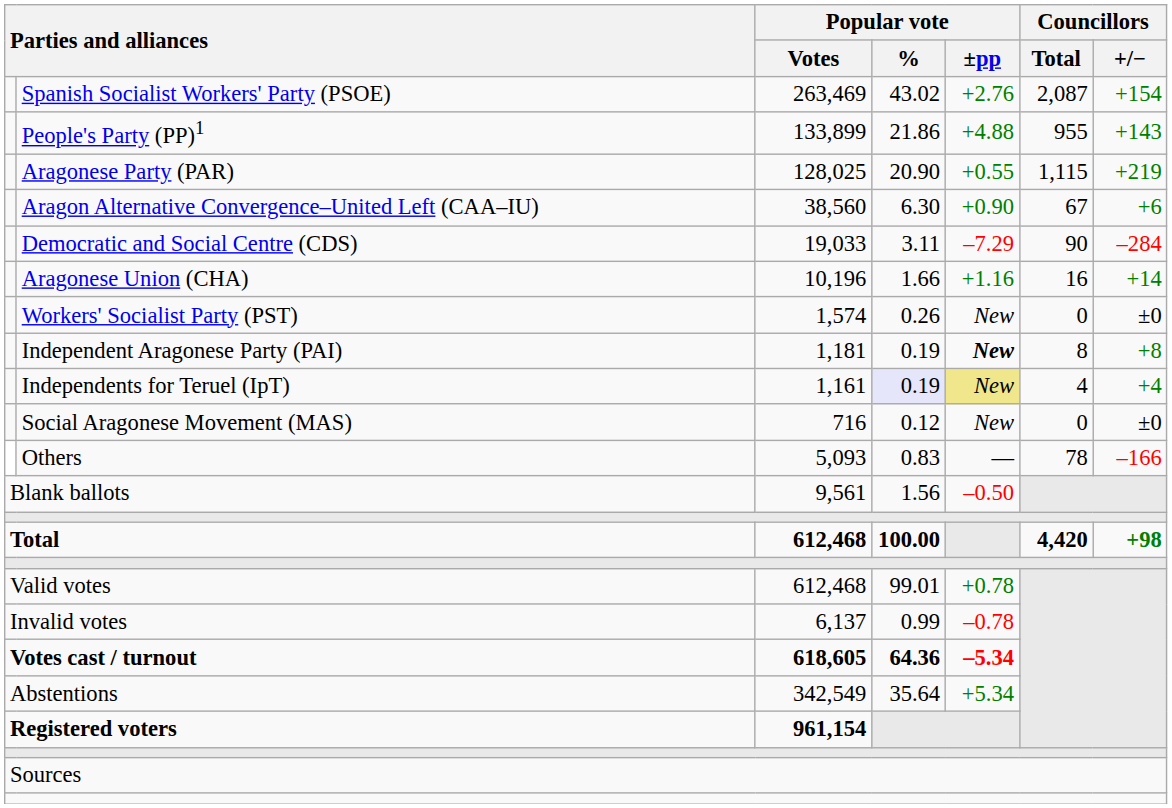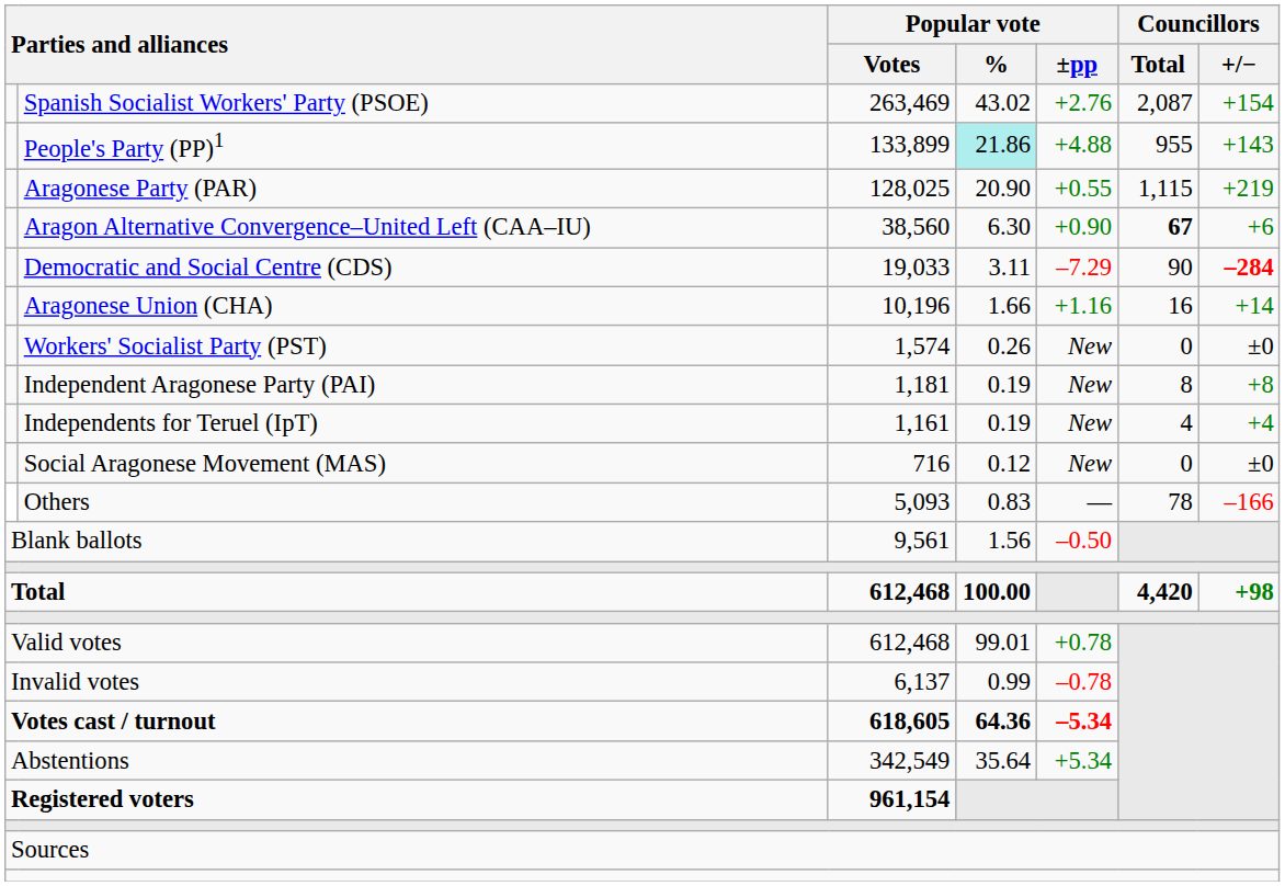 <table class="wikitable" style="text-align:right;">
 <tr>
 <th style="text-align:left;" rowspan="2" colspan="2" width="525">Parties and alliances</th>
 <th colspan="3">Popular vote</th>
 <th colspan="2">Councillors</th>
 </tr>
 <tr>
 <th width="75">Votes</th>
 <th width="45">%</th>
 <th width="45">±<a href='#'>pp</a></th>
 <th width="45">Total</th>
 <th width="45">+/−</th>
 </tr>
 <tr>
 <td width="1" style="color:inherit;background:"></td>
 <td align="left"><a href='#'>Spanish Socialist Workers' Party</a> (PSOE)</td>
 <td>263,469</td>
 <td>43.02</td>
 <td style="color:green;">+2.76</td>
 <td>2,087</td>
 <td style="color:green;">+154</td>
 </tr>
 <tr>
 <td style="color:inherit;background:"></td>
 <td align="left"><a href='#'>People's Party</a> (PP)<sup>1</sup></td>
 <td>133,899</td>
-<td>21.86</td>
+<td style="background: paleturquoise;">21.86</td>
 <td style="color:green;">+4.88</td>
 <td>955</td>
 <td style="color:green;">+143</td>
 </tr>
 <tr>
 <td style="color:inherit;background:"></td>
 <td align="left"><a href='#'>Aragonese Party</a> (PAR)</td>
 <td>128,025</td>
 <td>20.90</td>
 <td style="color:green;">+0.55</td>
 <td>1,115</td>
 <td style="color:green;">+219</td>
 </tr>
 <tr>
 <td style="color:inherit;background:"></td>
 <td align="left"><a href='#'>Aragon Alternative Convergence–United Left</a> (CAA–IU)</td>
 <td>38,560</td>
 <td>6.30</td>
 <td style="color:green;">+0.90</td>
-<td>67</td>
+<td><strong>67</strong></td>
 <td style="color:green;">+6</td>
 </tr>
 <tr>
 <td style="color:inherit;background:"></td>
 <td align="left"><a href='#'>Democratic and Social Centre</a> (CDS)</td>
 <td>19,033</td>
 <td>3.11</td>
 <td style="color:red;">–7.29</td>
 <td>90</td>
-<td style="color:red;">–284</td>
+<td style="color:red;"><strong>–284</strong></td>
 </tr>
 <tr>
 <td style="color:inherit;background:"></td>
 <td align="left"><a href='#'>Aragonese Union</a> (CHA)</td>
 <td>10,196</td>
 <td>1.66</td>
 <td style="color:green;">+1.16</td>
 <td>16</td>
 <td style="color:green;">+14</td>
 </tr>
 <tr>
 <td style="color:inherit;background:"></td>
 <td align="left"><a href='#'>Workers' Socialist Party</a> (PST)</td>
 <td>1,574</td>
 <td>0.26</td>
 <td><em>New</em></td>
 <td>0</td>
 <td>±0</td>
 </tr>
 <tr>
 <td style="color:inherit;background:"></td>
 <td align="left">Independent Aragonese Party (PAI)</td>
 <td>1,181</td>
 <td>0.19</td>
-<td><strong><em>New</em></strong></td>
+<td><em>New</em></td>
 <td>8</td>
 <td style="color:green;">+8</td>
 </tr>
 <tr>
 <td style="color:inherit;background:"></td>
 <td align="left">Independents for Teruel (IpT)</td>
 <td>1,161</td>
-<td style="background: lavender;">0.19</td>
-<td style="background: khaki;"><em>New</em></td>
+<td>0.19</td>
+<td><em>New</em></td>
 <td>4</td>
 <td style="color:green;">+4</td>
 </tr>
 <tr>
 <td style="color:inherit;background:"></td>
 <td align="left">Social Aragonese Movement (MAS)</td>
 <td>716</td>
 <td>0.12</td>
 <td><em>New</em></td>
 <td>0</td>
 <td>±0</td>
 </tr>
 <tr>
 <td bgcolor="white"></td>
 <td align="left">Others</td>
 <td>5,093</td>
 <td>0.83</td>
 <td>—</td>
 <td>78</td>
 <td style="color:red;">–166</td>
 </tr>
 <tr>
 <td align="left" colspan="2">Blank ballots</td>
 <td>9,561</td>
 <td>1.56</td>
 <td style="color:red;">–0.50</td>
 <td bgcolor="#E9E9E9" colspan="2"></td>
 </tr>
 <tr>
 <td colspan="7" bgcolor="#E9E9E9"></td>
 </tr>
 <tr style="font-weight:bold;">
 <td align="left" colspan="2">Total</td>
 <td>612,468</td>
 <td>100.00</td>
 <td bgcolor="#E9E9E9"></td>
 <td>4,420</td>
 <td style="color:green;">+98</td>
 </tr>
 <tr>
 <td colspan="7" bgcolor="#E9E9E9"></td>
 </tr>
 <tr>
 <td align="left" colspan="2">Valid votes</td>
 <td>612,468</td>
 <td>99.01</td>
 <td style="color:green;">+0.78</td>
 <td bgcolor="#E9E9E9" colspan="2" rowspan="5"></td>
 </tr>
 <tr>
 <td align="left" colspan="2">Invalid votes</td>
 <td>6,137</td>
 <td>0.99</td>
 <td style="color:red;">–0.78</td>
 </tr>
 <tr style="font-weight:bold;">
 <td align="left" colspan="2">Votes cast / turnout</td>
 <td>618,605</td>
 <td>64.36</td>
 <td style="color:red;">–5.34</td>
 </tr>
 <tr>
 <td align="left" colspan="2">Abstentions</td>
 <td>342,549</td>
 <td>35.64</td>
 <td style="color:green;">+5.34</td>
 </tr>
 <tr style="font-weight:bold;">
 <td align="left" colspan="2">Registered voters</td>
 <td>961,154</td>
 <td bgcolor="#E9E9E9" colspan="2"></td>
 </tr>
 <tr>
 <td colspan="7" bgcolor="#E9E9E9"></td>
 </tr>
 <tr>
 <td align="left" colspan="7">Sources</td>
 </tr>
 <tr>
 <td colspan="7" style="text-align:left; max-width:790px;"></td>
 </tr>
 </table>
